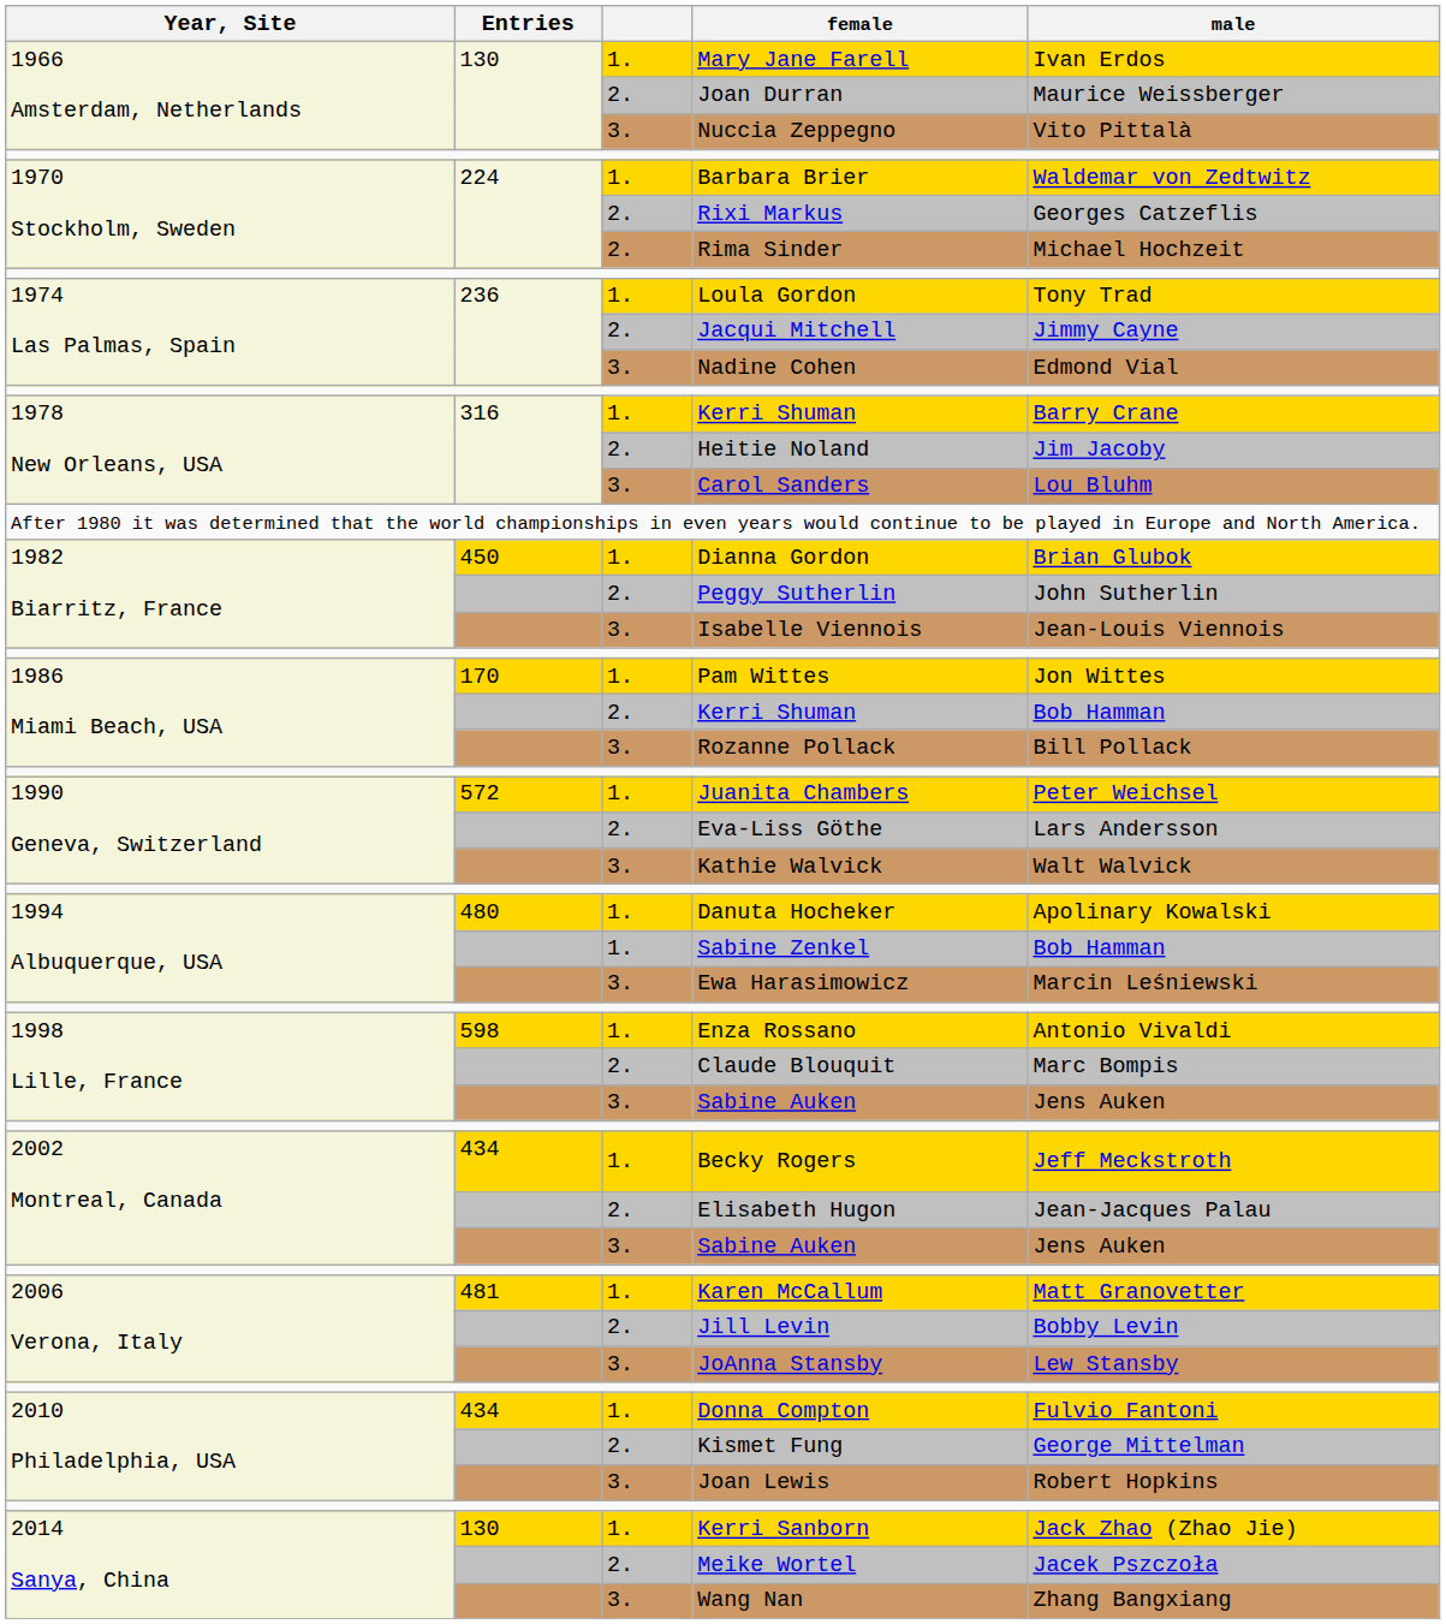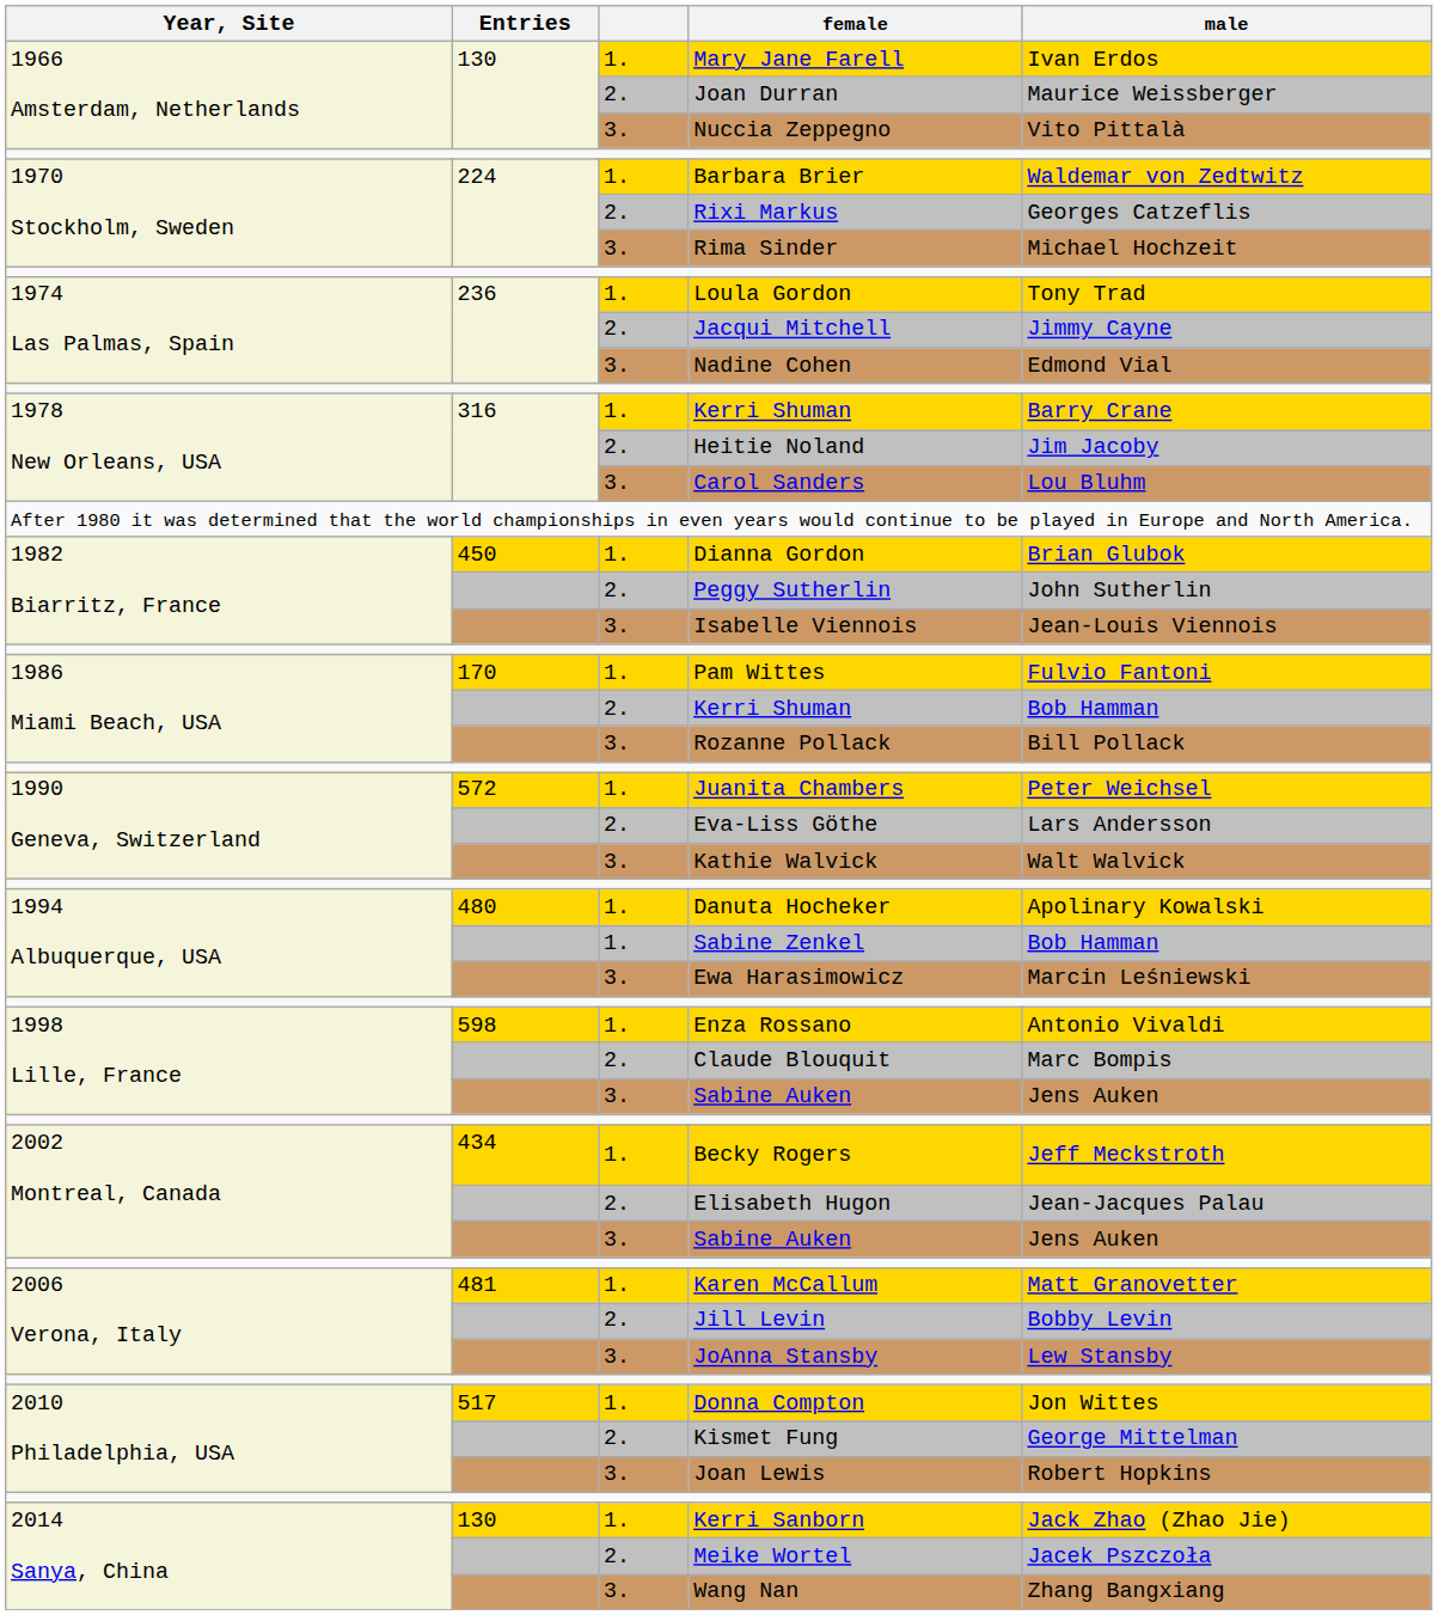 <table class="wikitable">
 <tr>
 <th>Year, Site</th>
 <th>Entries</th>
 <th></th>
 <th><small>female</small></th>
 <th><small>male</small></th>
 </tr>
 <tr bgcolor="gold">
 <td rowspan=3 bgcolor="beige" valign="Top">1966 <br><br>Amsterdam, Netherlands  <br></td>
 <td rowspan=3 bgcolor="beige" valign="Top">130<br><br> <br> </td>
 <td>1.  </td>
 <td> <a href='#'>Mary Jane Farell</a></td>
 <td> Ivan Erdos</td>
 </tr>
 <tr bgcolor="silver">
 <td>2.</td>
 <td> Joan Durran</td>
 <td> Maurice Weissberger</td>
 </tr>
 <tr bgcolor="cc9966">
 <td>3.</td>
 <td> Nuccia Zeppegno</td>
 <td> Vito Pittalà</td>
 </tr>
 <tr>
 <td colspan=5></td>
 </tr>
 <tr bgcolor="gold">
 <td rowspan=3 bgcolor="beige" valign="Top">1970 <br><br>Stockholm, Sweden <br></td>
 <td rowspan=3 bgcolor="beige" valign="Top">224<br><br> <br> </td>
 <td>1.</td>
 <td> Barbara Brier</td>
 <td> <a href='#'>Waldemar von Zedtwitz</a></td>
 </tr>
 <tr bgcolor="silver">
 <td>2.</td>
 <td> <a href='#'>Rixi Markus</a></td>
 <td> Georges Catzeflis</td>
 </tr>
 <tr bgcolor="cc9966">
-<td>2.</td>
+<td>3.</td>
 <td> Rima Sinder</td>
 <td> Michael Hochzeit</td>
 </tr>
 <tr>
 <td colspan=5></td>
 </tr>
 <tr bgcolor="gold">
 <td rowspan=3 bgcolor="beige" valign="Top">1974 <br><br>Las Palmas, Spain <br></td>
 <td rowspan=3 bgcolor="beige" valign="Top">236<br><br> <br> </td>
 <td>1.</td>
 <td> Loula Gordon</td>
 <td> Tony Trad</td>
 </tr>
 <tr bgcolor="silver">
 <td>2.</td>
 <td> <a href='#'>Jacqui Mitchell</a></td>
 <td> <a href='#'>Jimmy Cayne</a></td>
 </tr>
 <tr bgcolor="cc9966">
 <td>3.</td>
 <td> Nadine Cohen</td>
 <td> Edmond Vial</td>
 </tr>
 <tr>
 <td colspan=5></td>
 </tr>
 <tr bgcolor="gold">
 <td rowspan=3 bgcolor="beige" valign="Top">1978 <br><br>New Orleans, USA <br></td>
 <td rowspan=3 bgcolor="beige" valign="Top">316<br></td>
 <td>1.</td>
 <td> <a href='#'>Kerri Shuman</a></td>
 <td> <a href='#'>Barry Crane</a></td>
 </tr>
 <tr bgcolor="silver">
 <td>2.</td>
 <td> Heitie Noland</td>
 <td> <a href='#'>Jim Jacoby</a></td>
 </tr>
 <tr bgcolor="cc9966">
 <td>3.</td>
 <td> <a href='#'>Carol Sanders</a></td>
 <td> <a href='#'>Lou Bluhm</a></td>
 </tr>
 <tr>
 <td colspan=5><small>After 1980 it was determined that the world championships in even years would continue to be played in Europe and North America.</small> </td>
 </tr>
 <tr bgcolor="gold">
 <td rowspan=3 bgcolor="beige" valign="Top">1982 <br><br>Biarritz, France <br></td>
 <td>450<br></td>
 <td>1.</td>
 <td> Dianna Gordon</td>
 <td> <a href='#'>Brian Glubok</a></td>
 </tr>
 <tr bgcolor="silver">
 <td></td>
 <td>2.</td>
 <td> <a href='#'>Peggy Sutherlin</a></td>
 <td> John Sutherlin</td>
 </tr>
 <tr bgcolor="cc9966">
 <td></td>
 <td>3.</td>
 <td> Isabelle Viennois</td>
 <td> Jean-Louis Viennois</td>
 </tr>
 <tr>
 <td colspan=5></td>
 </tr>
 <tr bgcolor="gold">
 <td rowspan=3 bgcolor="beige" valign="Top">1986 <br><br>Miami Beach, USA <br></td>
 <td>170<br></td>
 <td>1.</td>
 <td> Pam Wittes</td>
-<td> Jon Wittes</td>
+<td> <a href='#'>Fulvio Fantoni</a></td>
 </tr>
 <tr bgcolor="silver">
 <td></td>
 <td>2.</td>
 <td> <a href='#'>Kerri Shuman</a></td>
 <td> <a href='#'>Bob Hamman</a></td>
 </tr>
 <tr bgcolor="cc9966">
 <td></td>
 <td>3.</td>
 <td> Rozanne Pollack</td>
 <td> Bill Pollack</td>
 </tr>
 <tr>
 <td colspan=5></td>
 </tr>
 <tr bgcolor="gold">
 <td rowspan=3 bgcolor="beige" valign="Top">1990 <br><br>Geneva, Switzerland <br></td>
 <td>572<br></td>
 <td>1.</td>
 <td> <a href='#'>Juanita Chambers</a></td>
 <td> <a href='#'>Peter Weichsel</a></td>
 </tr>
 <tr bgcolor="silver">
 <td></td>
 <td>2.</td>
 <td> Eva-Liss Göthe</td>
 <td> Lars Andersson</td>
 </tr>
 <tr bgcolor="cc9966">
 <td></td>
 <td>3.</td>
 <td> Kathie Walvick</td>
 <td> Walt Walvick</td>
 </tr>
 <tr>
 <td colspan=5></td>
 </tr>
 <tr bgcolor="gold">
 <td rowspan=3 bgcolor="beige" valign="Top">1994 <br><br>Albuquerque, USA <br></td>
 <td>480<br></td>
 <td>1.</td>
 <td> Danuta Hocheker</td>
 <td> Apolinary Kowalski</td>
 </tr>
 <tr bgcolor="silver">
 <td></td>
 <td>1.</td>
 <td> <a href='#'>Sabine Zenkel</a></td>
 <td> <a href='#'>Bob Hamman</a></td>
 </tr>
 <tr bgcolor="cc9966">
 <td></td>
 <td>3.</td>
 <td> Ewa Harasimowicz</td>
 <td> Marcin Leśniewski</td>
 </tr>
 <tr>
 <td colspan=5></td>
 </tr>
 <tr bgcolor="gold">
 <td rowspan=3 bgcolor="beige" valign="Top">1998 <br><br>Lille, France <br></td>
 <td>598<br></td>
 <td>1.</td>
 <td> Enza Rossano</td>
 <td> Antonio Vivaldi</td>
 </tr>
 <tr bgcolor="silver">
 <td></td>
 <td>2.</td>
 <td> Claude Blouquit</td>
 <td> Marc Bompis</td>
 </tr>
 <tr bgcolor="cc9966">
 <td></td>
 <td>3.</td>
 <td> <a href='#'>Sabine Auken</a></td>
 <td> Jens Auken</td>
 </tr>
 <tr>
 <td colspan=5></td>
 </tr>
 <tr bgcolor="gold">
 <td rowspan=3 bgcolor="beige" valign="Top">2002 <br><br>Montreal, Canada <br></td>
 <td>434<br> <br></td>
 <td>1.</td>
 <td> Becky Rogers</td>
 <td> <a href='#'>Jeff Meckstroth</a></td>
 </tr>
 <tr bgcolor="silver">
 <td></td>
 <td>2.</td>
 <td> Elisabeth Hugon</td>
 <td> Jean-Jacques Palau</td>
 </tr>
 <tr bgcolor="cc9966">
 <td></td>
 <td>3.</td>
 <td> <a href='#'>Sabine Auken</a></td>
 <td> Jens Auken</td>
 </tr>
 <tr>
 <td colspan=5></td>
 </tr>
 <tr bgcolor="gold">
 <td rowspan=3 bgcolor="beige" valign="Top">2006 <br><br>Verona, Italy <br></td>
 <td>481 </td>
 <td>1.</td>
 <td> <a href='#'>Karen McCallum</a></td>
 <td> <a href='#'>Matt Granovetter</a></td>
 </tr>
 <tr bgcolor="silver">
 <td></td>
 <td>2.</td>
 <td> <a href='#'>Jill Levin</a></td>
 <td> <a href='#'>Bobby Levin</a></td>
 </tr>
 <tr bgcolor="cc9966">
 <td></td>
 <td>3.</td>
 <td> <a href='#'>JoAnna Stansby</a></td>
 <td> <a href='#'>Lew Stansby</a></td>
 </tr>
 <tr>
 <td colspan=5></td>
 </tr>
 <tr bgcolor="gold">
 <td rowspan=3 bgcolor="beige" valign="Top">2010 <br><br>Philadelphia, USA <br></td>
-<td>434</td>
+<td>517</td>
 <td>1.</td>
 <td> <a href='#'>Donna Compton</a></td>
-<td> <a href='#'>Fulvio Fantoni</a></td>
+<td> Jon Wittes</td>
 </tr>
 <tr bgcolor="silver">
 <td></td>
 <td>2.</td>
 <td> Kismet Fung</td>
 <td> <a href='#'>George Mittelman</a></td>
 </tr>
 <tr bgcolor="cc9966">
 <td></td>
 <td>3.</td>
 <td> Joan Lewis</td>
 <td> Robert Hopkins</td>
 </tr>
 <tr>
 <td colspan=5></td>
 </tr>
 <tr bgcolor="gold">
 <td rowspan=3 bgcolor="beige" valign="Top">2014  <br><br><a href='#'>Sanya</a>, China <br></td>
 <td>130 </td>
 <td>1.</td>
 <td> <a href='#'>Kerri Sanborn</a></td>
 <td> <a href='#'>Jack Zhao</a> (Zhao Jie)</td>
 </tr>
 <tr bgcolor="silver">
 <td></td>
 <td>2.</td>
 <td> <a href='#'>Meike Wortel</a></td>
 <td> <a href='#'>Jacek Pszczoła</a></td>
 </tr>
 <tr bgcolor="cc9966">
 <td></td>
 <td>3.</td>
 <td> Wang Nan</td>
 <td> Zhang Bangxiang</td>
 </tr>
 <tr>
 </tr>
 </table>
